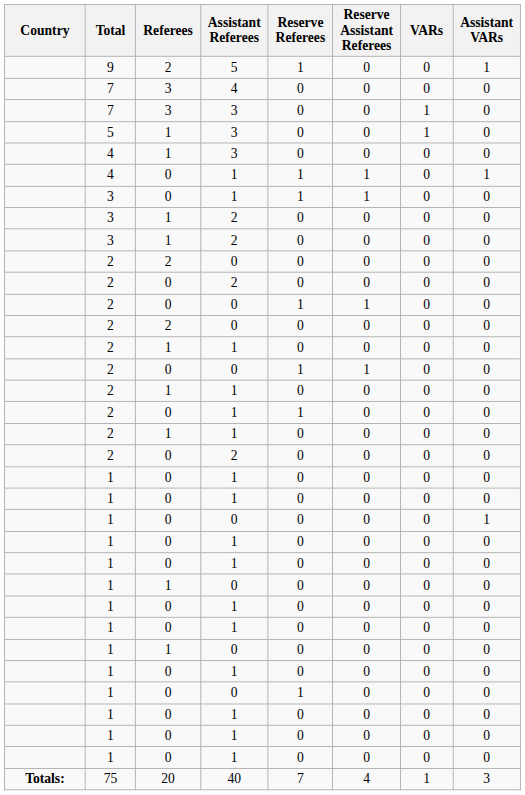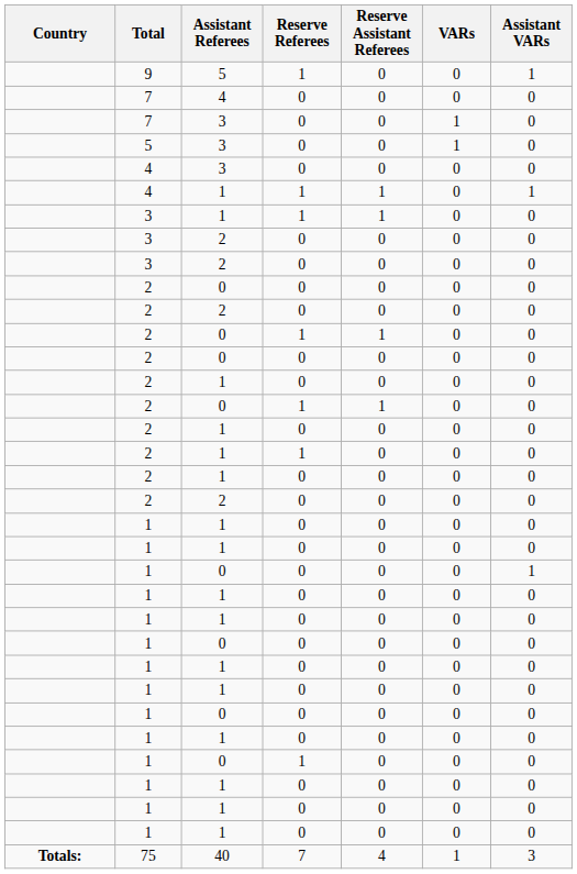 <table class="wikitable sortable">
 <tr>
 <th style="width:175px">Country</th>
 <th style="width:100px">Total</th>
-<th style="width:100px">Referees</th>
 <th style="width:100px">Assistant<br>Referees</th>
 <th style="width:100px">Reserve Referees</th>
 <th style="width:100px">Reserve Assistant Referees</th>
 <th style="width:100px">VARs</th>
 <th style="width:100px">Assistant VARs</th>
 </tr>
 <tr>
 <td style="text-align:center"></td>
 <td style="text-align:center">9</td>
-<td style="text-align:center">2</td>
 <td style="text-align:center">5</td>
 <td style="text-align:center">1</td>
 <td style="text-align:center">0</td>
 <td style="text-align:center">0</td>
 <td style="text-align:center">1</td>
 </tr>
 <tr>
 <td style="text-align:center"></td>
 <td style="text-align:center">7</td>
-<td style="text-align:center">3</td>
 <td style="text-align:center">4</td>
 <td style="text-align:center">0</td>
 <td style="text-align:center">0</td>
 <td style="text-align:center">0</td>
 <td style="text-align:center">0</td>
 </tr>
 <tr>
 <td style="text-align:center"></td>
 <td style="text-align:center">7</td>
 <td style="text-align:center">3</td>
-<td style="text-align:center">3</td>
 <td style="text-align:center">0</td>
 <td style="text-align:center">0</td>
 <td style="text-align:center">1</td>
 <td style="text-align:center">0</td>
 </tr>
 <tr>
 <td style="text-align:center"></td>
 <td style="text-align:center">5</td>
-<td style="text-align:center">1</td>
 <td style="text-align:center">3</td>
 <td style="text-align:center">0</td>
 <td style="text-align:center">0</td>
 <td style="text-align:center">1</td>
 <td style="text-align:center">0</td>
 </tr>
 <tr>
 <td style="text-align:center"></td>
 <td style="text-align:center">4</td>
-<td style="text-align:center">1</td>
 <td style="text-align:center">3</td>
 <td style="text-align:center">0</td>
 <td style="text-align:center">0</td>
 <td style="text-align:center">0</td>
 <td style="text-align:center">0</td>
 </tr>
 <tr>
 <td style="text-align:center"></td>
 <td style="text-align:center">4</td>
-<td style="text-align:center">0</td>
 <td style="text-align:center">1</td>
 <td style="text-align:center">1</td>
 <td style="text-align:center">1</td>
 <td style="text-align:center">0</td>
 <td style="text-align:center">1</td>
 </tr>
 <tr>
 <td style="text-align:center"></td>
 <td style="text-align:center">3</td>
-<td style="text-align:center">0</td>
 <td style="text-align:center">1</td>
 <td style="text-align:center">1</td>
 <td style="text-align:center">1</td>
 <td style="text-align:center">0</td>
 <td style="text-align:center">0</td>
 </tr>
 <tr>
 <td style="text-align:center"></td>
 <td style="text-align:center">3</td>
-<td style="text-align:center">1</td>
 <td style="text-align:center">2</td>
 <td style="text-align:center">0</td>
 <td style="text-align:center">0</td>
 <td style="text-align:center">0</td>
 <td style="text-align:center">0</td>
 </tr>
 <tr>
 <td style="text-align:center"></td>
 <td style="text-align:center">3</td>
-<td style="text-align:center">1</td>
 <td style="text-align:center">2</td>
+<td style="text-align:center">0</td>
+<td style="text-align:center">0</td>
+<td style="text-align:center">0</td>
+<td style="text-align:center">0</td>
+</tr>
+<tr>
+<td style="text-align:center"></td>
+<td style="text-align:center">2</td>
+<td style="text-align:center">0</td>
 <td style="text-align:center">0</td>
 <td style="text-align:center">0</td>
 <td style="text-align:center">0</td>
 <td style="text-align:center">0</td>
 </tr>
 <tr>
 <td style="text-align:center"></td>
 <td style="text-align:center">2</td>
 <td style="text-align:center">2</td>
 <td style="text-align:center">0</td>
 <td style="text-align:center">0</td>
 <td style="text-align:center">0</td>
 <td style="text-align:center">0</td>
-<td style="text-align:center">0</td>
 </tr>
 <tr>
 <td style="text-align:center"></td>
 <td style="text-align:center">2</td>
-<td style="text-align:center">0</td>
-<td style="text-align:center">2</td>
-<td style="text-align:center">0</td>
-<td style="text-align:center">0</td>
-<td style="text-align:center">0</td>
-<td style="text-align:center">0</td>
-</tr>
-<tr>
-<td style="text-align:center"></td>
-<td style="text-align:center">2</td>
-<td style="text-align:center">0</td>
 <td style="text-align:center">0</td>
 <td style="text-align:center">1</td>
 <td style="text-align:center">1</td>
 <td style="text-align:center">0</td>
 <td style="text-align:center">0</td>
 </tr>
 <tr>
 <td style="text-align:center"></td>
-<td style="text-align:center">2</td>
 <td style="text-align:center">2</td>
 <td style="text-align:center">0</td>
 <td style="text-align:center">0</td>
 <td style="text-align:center">0</td>
 <td style="text-align:center">0</td>
 <td style="text-align:center">0</td>
 </tr>
 <tr>
 <td style="text-align:center"></td>
 <td style="text-align:center">2</td>
-<td style="text-align:center">1</td>
-<td style="text-align:center">1</td>
-<td style="text-align:center">0</td>
-<td style="text-align:center">0</td>
-<td style="text-align:center">0</td>
-<td style="text-align:center">0</td>
-</tr>
-<tr>
-<td style="text-align:center"></td>
-<td style="text-align:center">2</td>
-<td style="text-align:center">0</td>
-<td style="text-align:center">0</td>
-<td style="text-align:center">1</td>
-<td style="text-align:center">1</td>
-<td style="text-align:center">0</td>
-<td style="text-align:center">0</td>
-</tr>
-<tr>
-<td style="text-align:center"></td>
-<td style="text-align:center">2</td>
-<td style="text-align:center">1</td>
 <td style="text-align:center">1</td>
 <td style="text-align:center">0</td>
 <td style="text-align:center">0</td>
 <td style="text-align:center">0</td>
 <td style="text-align:center">0</td>
 </tr>
 <tr>
 <td style="text-align:center"></td>
 <td style="text-align:center">2</td>
 <td style="text-align:center">0</td>
 <td style="text-align:center">1</td>
 <td style="text-align:center">1</td>
 <td style="text-align:center">0</td>
 <td style="text-align:center">0</td>
+</tr>
+<tr>
+<td style="text-align:center"></td>
+<td style="text-align:center">2</td>
+<td style="text-align:center">1</td>
+<td style="text-align:center">0</td>
+<td style="text-align:center">0</td>
+<td style="text-align:center">0</td>
 <td style="text-align:center">0</td>
 </tr>
 <tr>
 <td style="text-align:center"></td>
 <td style="text-align:center">2</td>
 <td style="text-align:center">1</td>
 <td style="text-align:center">1</td>
 <td style="text-align:center">0</td>
 <td style="text-align:center">0</td>
 <td style="text-align:center">0</td>
+</tr>
+<tr>
+<td style="text-align:center"></td>
+<td style="text-align:center">2</td>
+<td style="text-align:center">1</td>
+<td style="text-align:center">0</td>
+<td style="text-align:center">0</td>
+<td style="text-align:center">0</td>
 <td style="text-align:center">0</td>
 </tr>
 <tr>
 <td style="text-align:center"></td>
 <td style="text-align:center">2</td>
-<td style="text-align:center">0</td>
 <td style="text-align:center">2</td>
 <td style="text-align:center">0</td>
 <td style="text-align:center">0</td>
 <td style="text-align:center">0</td>
 <td style="text-align:center">0</td>
 </tr>
 <tr>
 <td style="text-align:center"></td>
 <td style="text-align:center">1</td>
+<td style="text-align:center">1</td>
 <td style="text-align:center">0</td>
+<td style="text-align:center">0</td>
+<td style="text-align:center">0</td>
+<td style="text-align:center">0</td>
+</tr>
+<tr>
+<td style="text-align:center"></td>
+<td style="text-align:center">1</td>
+<td style="text-align:center">1</td>
+<td style="text-align:center">0</td>
+<td style="text-align:center">0</td>
+<td style="text-align:center">0</td>
+<td style="text-align:center">0</td>
+</tr>
+<tr>
+<td style="text-align:center"></td>
+<td style="text-align:center">1</td>
+<td style="text-align:center">0</td>
+<td style="text-align:center">0</td>
+<td style="text-align:center">0</td>
+<td style="text-align:center">0</td>
+<td style="text-align:center">1</td>
+</tr>
+<tr>
+<td style="text-align:center"></td>
+<td style="text-align:center">1</td>
+<td style="text-align:center">1</td>
+<td style="text-align:center">0</td>
+<td style="text-align:center">0</td>
+<td style="text-align:center">0</td>
+<td style="text-align:center">0</td>
+</tr>
+<tr>
+<td style="text-align:center"></td>
+<td style="text-align:center">1</td>
+<td style="text-align:center">1</td>
+<td style="text-align:center">0</td>
+<td style="text-align:center">0</td>
+<td style="text-align:center">0</td>
+<td style="text-align:center">0</td>
+</tr>
+<tr>
+<td style="text-align:center"></td>
+<td style="text-align:center">1</td>
+<td style="text-align:center">0</td>
+<td style="text-align:center">0</td>
+<td style="text-align:center">0</td>
+<td style="text-align:center">0</td>
+<td style="text-align:center">0</td>
+</tr>
+<tr>
+<td style="text-align:center"></td>
+<td style="text-align:center">1</td>
+<td style="text-align:center">1</td>
+<td style="text-align:center">0</td>
+<td style="text-align:center">0</td>
+<td style="text-align:center">0</td>
+<td style="text-align:center">0</td>
+</tr>
+<tr>
+<td style="text-align:center"></td>
+<td style="text-align:center">1</td>
+<td style="text-align:center">1</td>
+<td style="text-align:center">0</td>
+<td style="text-align:center">0</td>
+<td style="text-align:center">0</td>
+<td style="text-align:center">0</td>
+</tr>
+<tr>
+<td style="text-align:center"></td>
+<td style="text-align:center">1</td>
+<td style="text-align:center">0</td>
+<td style="text-align:center">0</td>
+<td style="text-align:center">0</td>
+<td style="text-align:center">0</td>
+<td style="text-align:center">0</td>
+</tr>
+<tr>
+<td style="text-align:center"></td>
+<td style="text-align:center">1</td>
 <td style="text-align:center">1</td>
 <td style="text-align:center">0</td>
 <td style="text-align:center">0</td>
 <td style="text-align:center">0</td>
 <td style="text-align:center">0</td>
 </tr>
 <tr>
 <td style="text-align:center"></td>
 <td style="text-align:center">1</td>
 <td style="text-align:center">0</td>
 <td style="text-align:center">1</td>
 <td style="text-align:center">0</td>
 <td style="text-align:center">0</td>
 <td style="text-align:center">0</td>
-<td style="text-align:center">0</td>
 </tr>
 <tr>
 <td style="text-align:center"></td>
 <td style="text-align:center">1</td>
-<td style="text-align:center">0</td>
-<td style="text-align:center">0</td>
-<td style="text-align:center">0</td>
-<td style="text-align:center">0</td>
-<td style="text-align:center">0</td>
-<td style="text-align:center">1</td>
-</tr>
-<tr>
-<td style="text-align:center"></td>
-<td style="text-align:center">1</td>
-<td style="text-align:center">0</td>
-<td style="text-align:center">1</td>
-<td style="text-align:center">0</td>
-<td style="text-align:center">0</td>
-<td style="text-align:center">0</td>
-<td style="text-align:center">0</td>
-</tr>
-<tr>
-<td style="text-align:center"></td>
-<td style="text-align:center">1</td>
-<td style="text-align:center">0</td>
 <td style="text-align:center">1</td>
 <td style="text-align:center">0</td>
 <td style="text-align:center">0</td>
 <td style="text-align:center">0</td>
 <td style="text-align:center">0</td>
 </tr>
 <tr>
 <td style="text-align:center"></td>
 <td style="text-align:center">1</td>
 <td style="text-align:center">1</td>
 <td style="text-align:center">0</td>
 <td style="text-align:center">0</td>
 <td style="text-align:center">0</td>
 <td style="text-align:center">0</td>
-<td style="text-align:center">0</td>
-</tr>
-<tr>
-<td style="text-align:center"></td>
-<td style="text-align:center">1</td>
-<td style="text-align:center">0</td>
-<td style="text-align:center">1</td>
-<td style="text-align:center">0</td>
-<td style="text-align:center">0</td>
-<td style="text-align:center">0</td>
-<td style="text-align:center">0</td>
-</tr>
-<tr>
-<td style="text-align:center"></td>
-<td style="text-align:center">1</td>
-<td style="text-align:center">0</td>
-<td style="text-align:center">1</td>
-<td style="text-align:center">0</td>
-<td style="text-align:center">0</td>
-<td style="text-align:center">0</td>
-<td style="text-align:center">0</td>
 </tr>
 <tr>
 <td style="text-align:center"></td>
 <td style="text-align:center">1</td>
 <td style="text-align:center">1</td>
 <td style="text-align:center">0</td>
 <td style="text-align:center">0</td>
 <td style="text-align:center">0</td>
 <td style="text-align:center">0</td>
-<td style="text-align:center">0</td>
-</tr>
-<tr>
-<td style="text-align:center"></td>
-<td style="text-align:center">1</td>
-<td style="text-align:center">0</td>
-<td style="text-align:center">1</td>
-<td style="text-align:center">0</td>
-<td style="text-align:center">0</td>
-<td style="text-align:center">0</td>
-<td style="text-align:center">0</td>
-</tr>
-<tr>
-<td style="text-align:center"></td>
-<td style="text-align:center">1</td>
-<td style="text-align:center">0</td>
-<td style="text-align:center">0</td>
-<td style="text-align:center">1</td>
-<td style="text-align:center">0</td>
-<td style="text-align:center">0</td>
-<td style="text-align:center">0</td>
-</tr>
-<tr>
-<td style="text-align:center"></td>
-<td style="text-align:center">1</td>
-<td style="text-align:center">0</td>
-<td style="text-align:center">1</td>
-<td style="text-align:center">0</td>
-<td style="text-align:center">0</td>
-<td style="text-align:center">0</td>
-<td style="text-align:center">0</td>
-</tr>
-<tr>
-<td style="text-align:center"></td>
-<td style="text-align:center">1</td>
-<td style="text-align:center">0</td>
-<td style="text-align:center">1</td>
-<td style="text-align:center">0</td>
-<td style="text-align:center">0</td>
-<td style="text-align:center">0</td>
-<td style="text-align:center">0</td>
-</tr>
-<tr>
-<td style="text-align:center"></td>
-<td style="text-align:center">1</td>
-<td style="text-align:center">0</td>
-<td style="text-align:center">1</td>
-<td style="text-align:center">0</td>
-<td style="text-align:center">0</td>
-<td style="text-align:center">0</td>
-<td style="text-align:center">0</td>
 </tr>
 <tr>
 <td style="text-align:center"><strong>Totals:</strong></td>
 <td style="text-align:center">75</td>
-<td style="text-align:center">20</td>
 <td style="text-align:center">40</td>
 <td style="text-align:center">7</td>
 <td style="text-align:center">4</td>
 <td style="text-align:center">1</td>
 <td style="text-align:center">3</td>
 </tr>
 </table>
